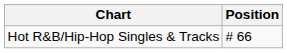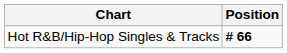 <table class="wikitable">
 <tr>
 <th align="left">Chart</th>
 <th align="left">Position</th>
 </tr>
 <tr>
 <td align="left">Hot R&B/Hip-Hop Singles & Tracks</td>
-<td align="left"># 66</td>
+<td align="left"><strong># 66</strong></td>
 </tr>
 </table>
